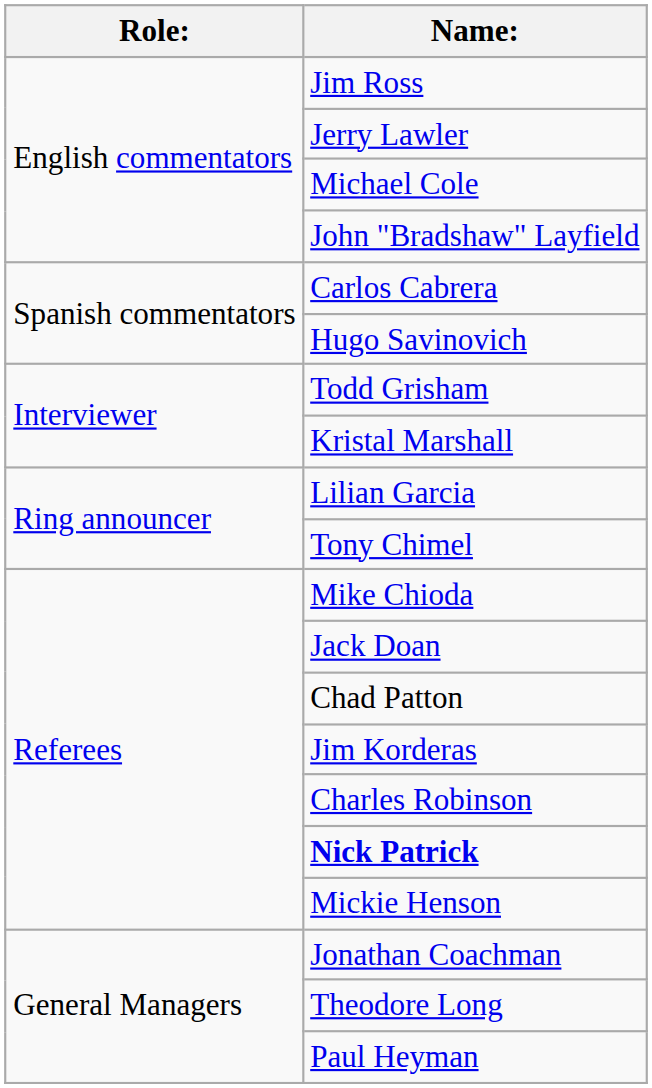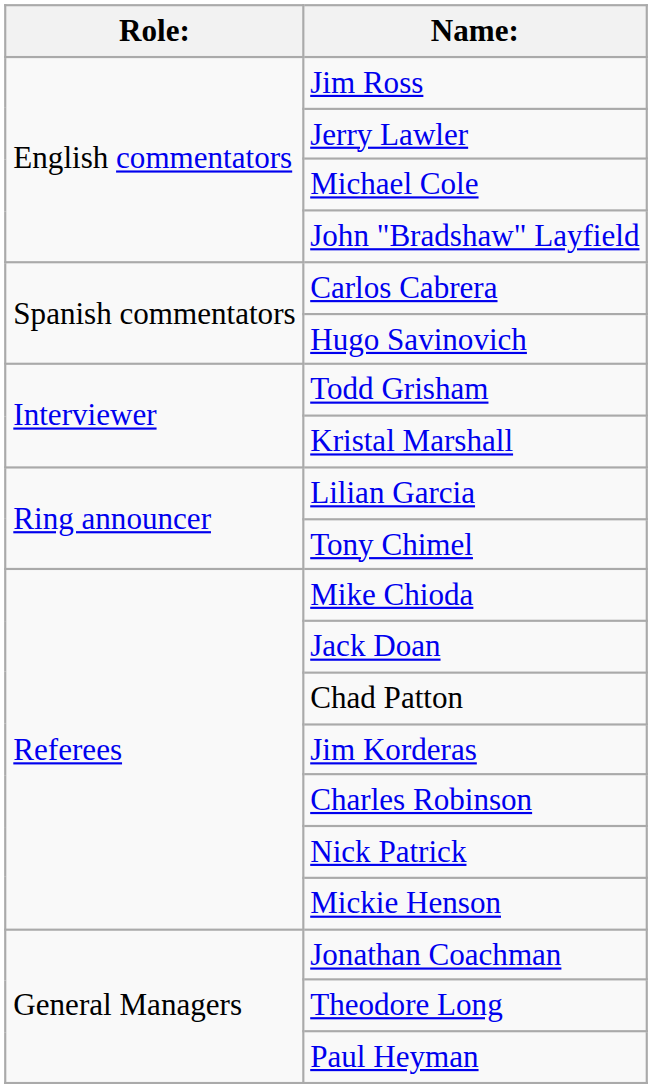 <table class="wikitable" border="1" style="font-size:90%; margin:0.5em 0 0.5em 1em; float:right; clear:right;">
 <tr>
 <th>Role:</th>
 <th>Name:</th>
 </tr>
 <tr>
 <td rowspan="4">English <a href='#'>commentators</a></td>
 <td><a href='#'>Jim Ross</a> </td>
 </tr>
 <tr>
 <td><a href='#'>Jerry Lawler</a> </td>
 </tr>
 <tr>
 <td><a href='#'>Michael Cole</a> </td>
 </tr>
 <tr>
 <td><a href='#'>John "Bradshaw" Layfield</a> </td>
 </tr>
 <tr>
 <td rowspan="2">Spanish commentators</td>
 <td><a href='#'>Carlos Cabrera</a></td>
 </tr>
 <tr>
 <td><a href='#'>Hugo Savinovich</a></td>
 </tr>
 <tr>
 <td rowspan=2><a href='#'>Interviewer</a></td>
 <td><a href='#'>Todd Grisham</a></td>
 </tr>
 <tr>
 <td><a href='#'>Kristal Marshall</a></td>
 </tr>
 <tr>
 <td rowspan=2><a href='#'>Ring announcer</a></td>
 <td><a href='#'>Lilian Garcia</a> </td>
 </tr>
 <tr>
 <td><a href='#'>Tony Chimel</a> </td>
 </tr>
 <tr>
 <td rowspan=7><a href='#'>Referees</a></td>
 <td><a href='#'>Mike Chioda</a> </td>
 </tr>
 <tr>
 <td><a href='#'>Jack Doan</a> </td>
 </tr>
 <tr>
 <td>Chad Patton </td>
 </tr>
 <tr>
 <td><a href='#'>Jim Korderas</a> </td>
 </tr>
 <tr>
 <td><a href='#'>Charles Robinson</a> </td>
 </tr>
 <tr>
-<td><strong><a href='#'>Nick Patrick</a> </strong></td>
+<td><a href='#'>Nick Patrick</a> </td>
 </tr>
 <tr>
 <td><a href='#'>Mickie Henson</a> </td>
 </tr>
 <tr>
 <td rowspan=3>General Managers</td>
 <td><a href='#'>Jonathan Coachman</a> </td>
 </tr>
 <tr>
 <td><a href='#'>Theodore Long</a> </td>
 </tr>
 <tr>
 <td><a href='#'>Paul Heyman</a> </td>
 </tr>
 <tr>
 </tr>
 </table>
